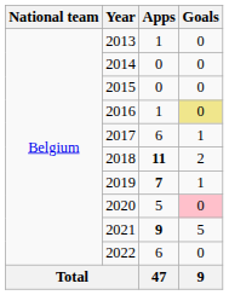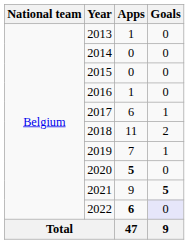 <table class="wikitable" style="text-align: center;">
 <tr>
 <th>National team</th>
 <th>Year</th>
 <th>Apps</th>
 <th>Goals</th>
 </tr>
 <tr>
 <td rowspan="10"><a href='#'>Belgium</a></td>
 <td>2013</td>
 <td>1</td>
 <td>0</td>
 </tr>
 <tr>
 <td>2014</td>
 <td>0</td>
 <td>0</td>
 </tr>
 <tr>
 <td>2015</td>
 <td>0</td>
 <td>0</td>
 </tr>
 <tr>
 <td>2016</td>
 <td>1</td>
-<td style="background: khaki;">0</td>
+<td>0</td>
 </tr>
 <tr>
 <td>2017</td>
 <td>6</td>
 <td>1</td>
 </tr>
 <tr>
 <td>2018</td>
-<td><strong>11</strong></td>
+<td>11</td>
 <td>2</td>
 </tr>
 <tr>
 <td>2019</td>
-<td><strong>7</strong></td>
+<td>7</td>
 <td>1</td>
 </tr>
 <tr>
 <td>2020</td>
-<td>5</td>
-<td style="background: pink;">0</td>
+<td><strong>5</strong></td>
+<td>0</td>
 </tr>
 <tr>
 <td>2021</td>
-<td><strong>9</strong></td>
-<td>5</td>
+<td>9</td>
+<td><strong>5</strong></td>
 </tr>
 <tr>
 <td>2022</td>
-<td>6</td>
-<td>0</td>
+<td><strong>6</strong></td>
+<td style="background: lavender;">0</td>
 </tr>
 <tr>
 <th colspan=2>Total</th>
 <th>47</th>
 <th>9</th>
 </tr>
 </table>
